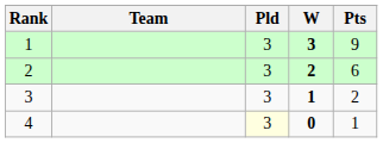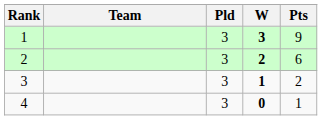 <table class="wikitable">
 <tr>
 </tr>
 <tr>
 <th style="width:35px">Rank</th>
 <th style="width:180px">Team</th>
 <th style="width:35px">Pld</th>
 <th style="width:35px">W</th>
 <th style="width:35px">Pts</th>
 </tr>
 <tr bgcolor=#ccffcc>
 <td align=center>1</td>
 <td></td>
 <td align=center>3</td>
 <td align=center><strong>3</strong></td>
 <td align=center>9</td>
 </tr>
 <tr bgcolor=#ccffcc>
 <td align=center>2</td>
 <td></td>
 <td align=center>3</td>
 <td align=center><strong>2</strong></td>
 <td align=center>6</td>
 </tr>
 <tr>
 <td align=center>3</td>
 <td></td>
 <td align=center>3</td>
 <td align=center><strong>1</strong></td>
 <td align=center>2</td>
 </tr>
 <tr>
 <td align=center>4</td>
 <td></td>
-<td align=center style="background: lightyellow;">3</td>
+<td align=center>3</td>
 <td align=center><strong>0</strong></td>
 <td align=center>1</td>
 </tr>
 </table>
